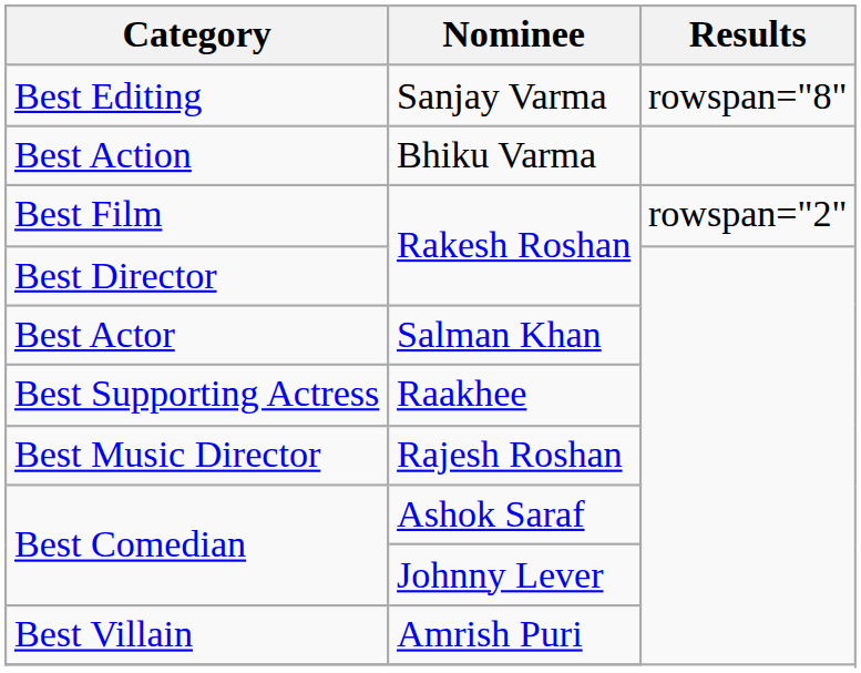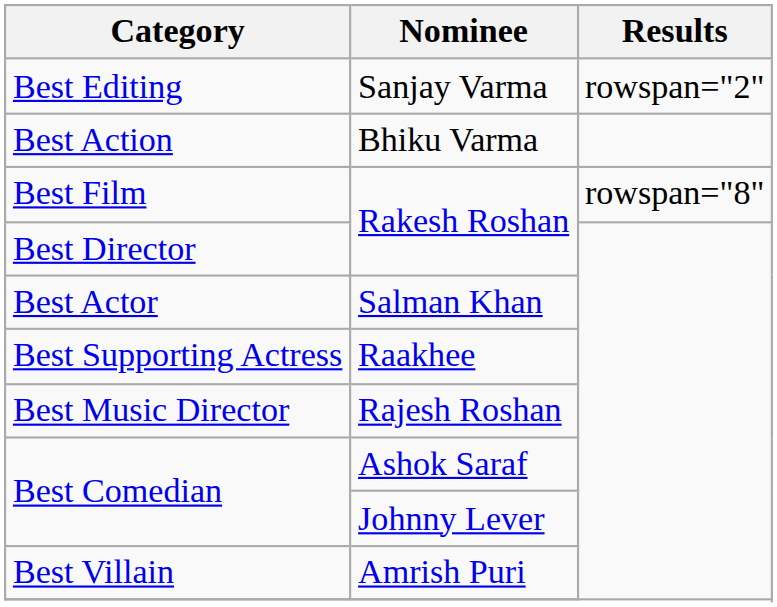 <table class="wikitable">
 <tr>
 <th>Category</th>
 <th>Nominee</th>
 <th>Results</th>
 </tr>
 <tr>
 <td><a href='#'>Best Editing</a></td>
 <td>Sanjay Varma</td>
-<td>rowspan="8"</td>
+<td>rowspan="2"</td>
 </tr>
 <tr>
 <td><a href='#'>Best Action</a></td>
 <td>Bhiku Varma</td>
 </tr>
 <tr>
 <td><a href='#'>Best Film</a></td>
 <td rowspan="2"><a href='#'>Rakesh Roshan</a></td>
-<td>rowspan="2"</td>
+<td>rowspan="8"</td>
 </tr>
 <tr>
 <td><a href='#'>Best Director</a></td>
 </tr>
 <tr>
 <td><a href='#'>Best Actor</a></td>
 <td><a href='#'>Salman Khan</a></td>
 </tr>
 <tr>
 <td><a href='#'>Best Supporting Actress</a></td>
 <td><a href='#'>Raakhee</a></td>
 </tr>
 <tr>
 <td><a href='#'>Best Music Director</a></td>
 <td><a href='#'>Rajesh Roshan</a></td>
 </tr>
 <tr>
 <td rowspan="2"><a href='#'>Best Comedian</a></td>
 <td><a href='#'>Ashok Saraf</a></td>
 </tr>
 <tr>
 <td><a href='#'>Johnny Lever</a></td>
 </tr>
 <tr>
 <td><a href='#'>Best Villain</a></td>
 <td><a href='#'>Amrish Puri</a></td>
 </tr>
 <tr>
 </tr>
 </table>
